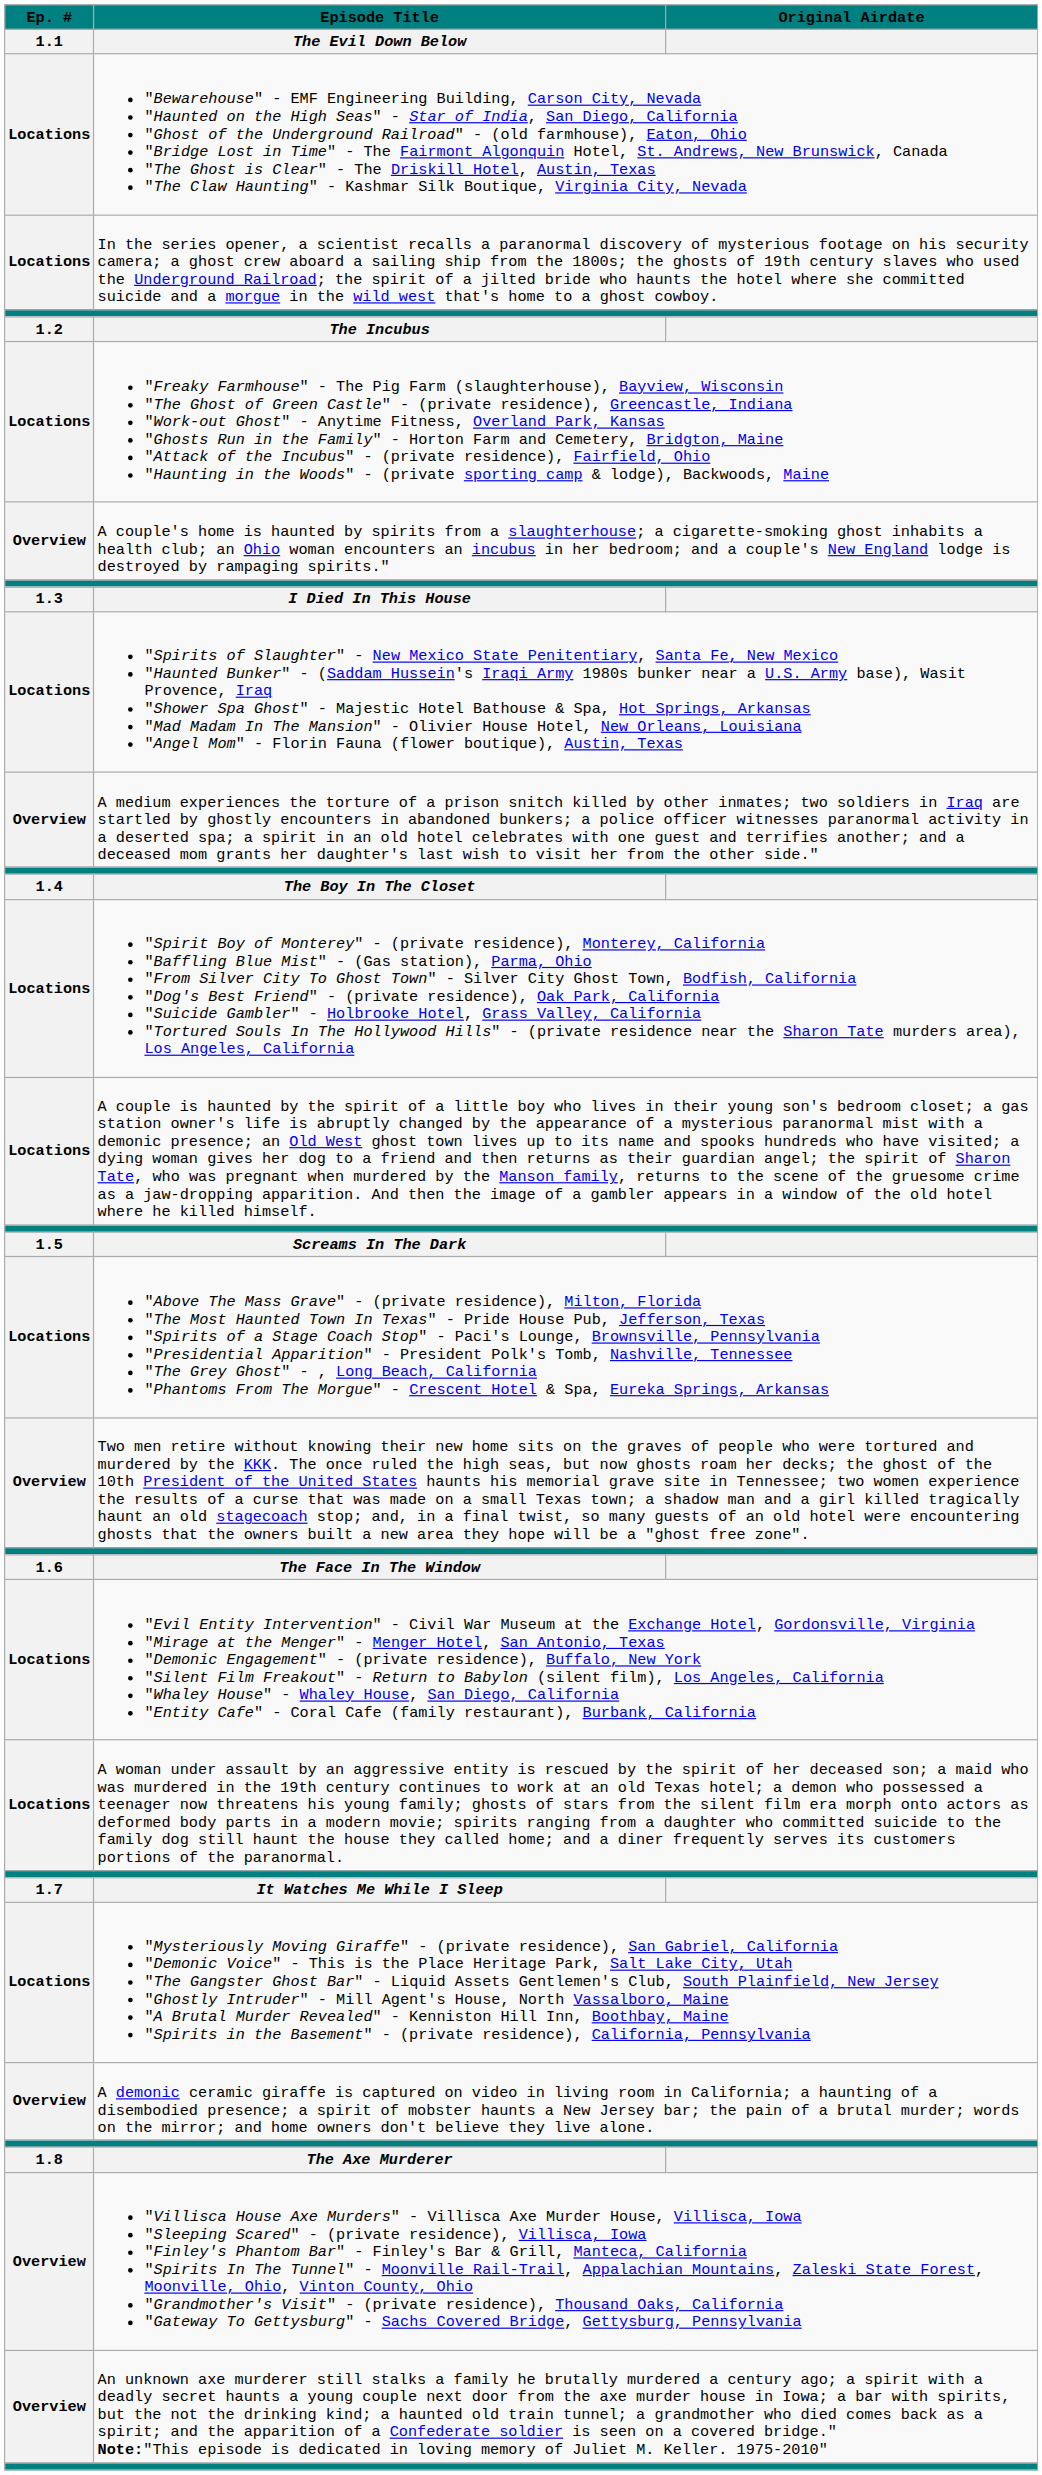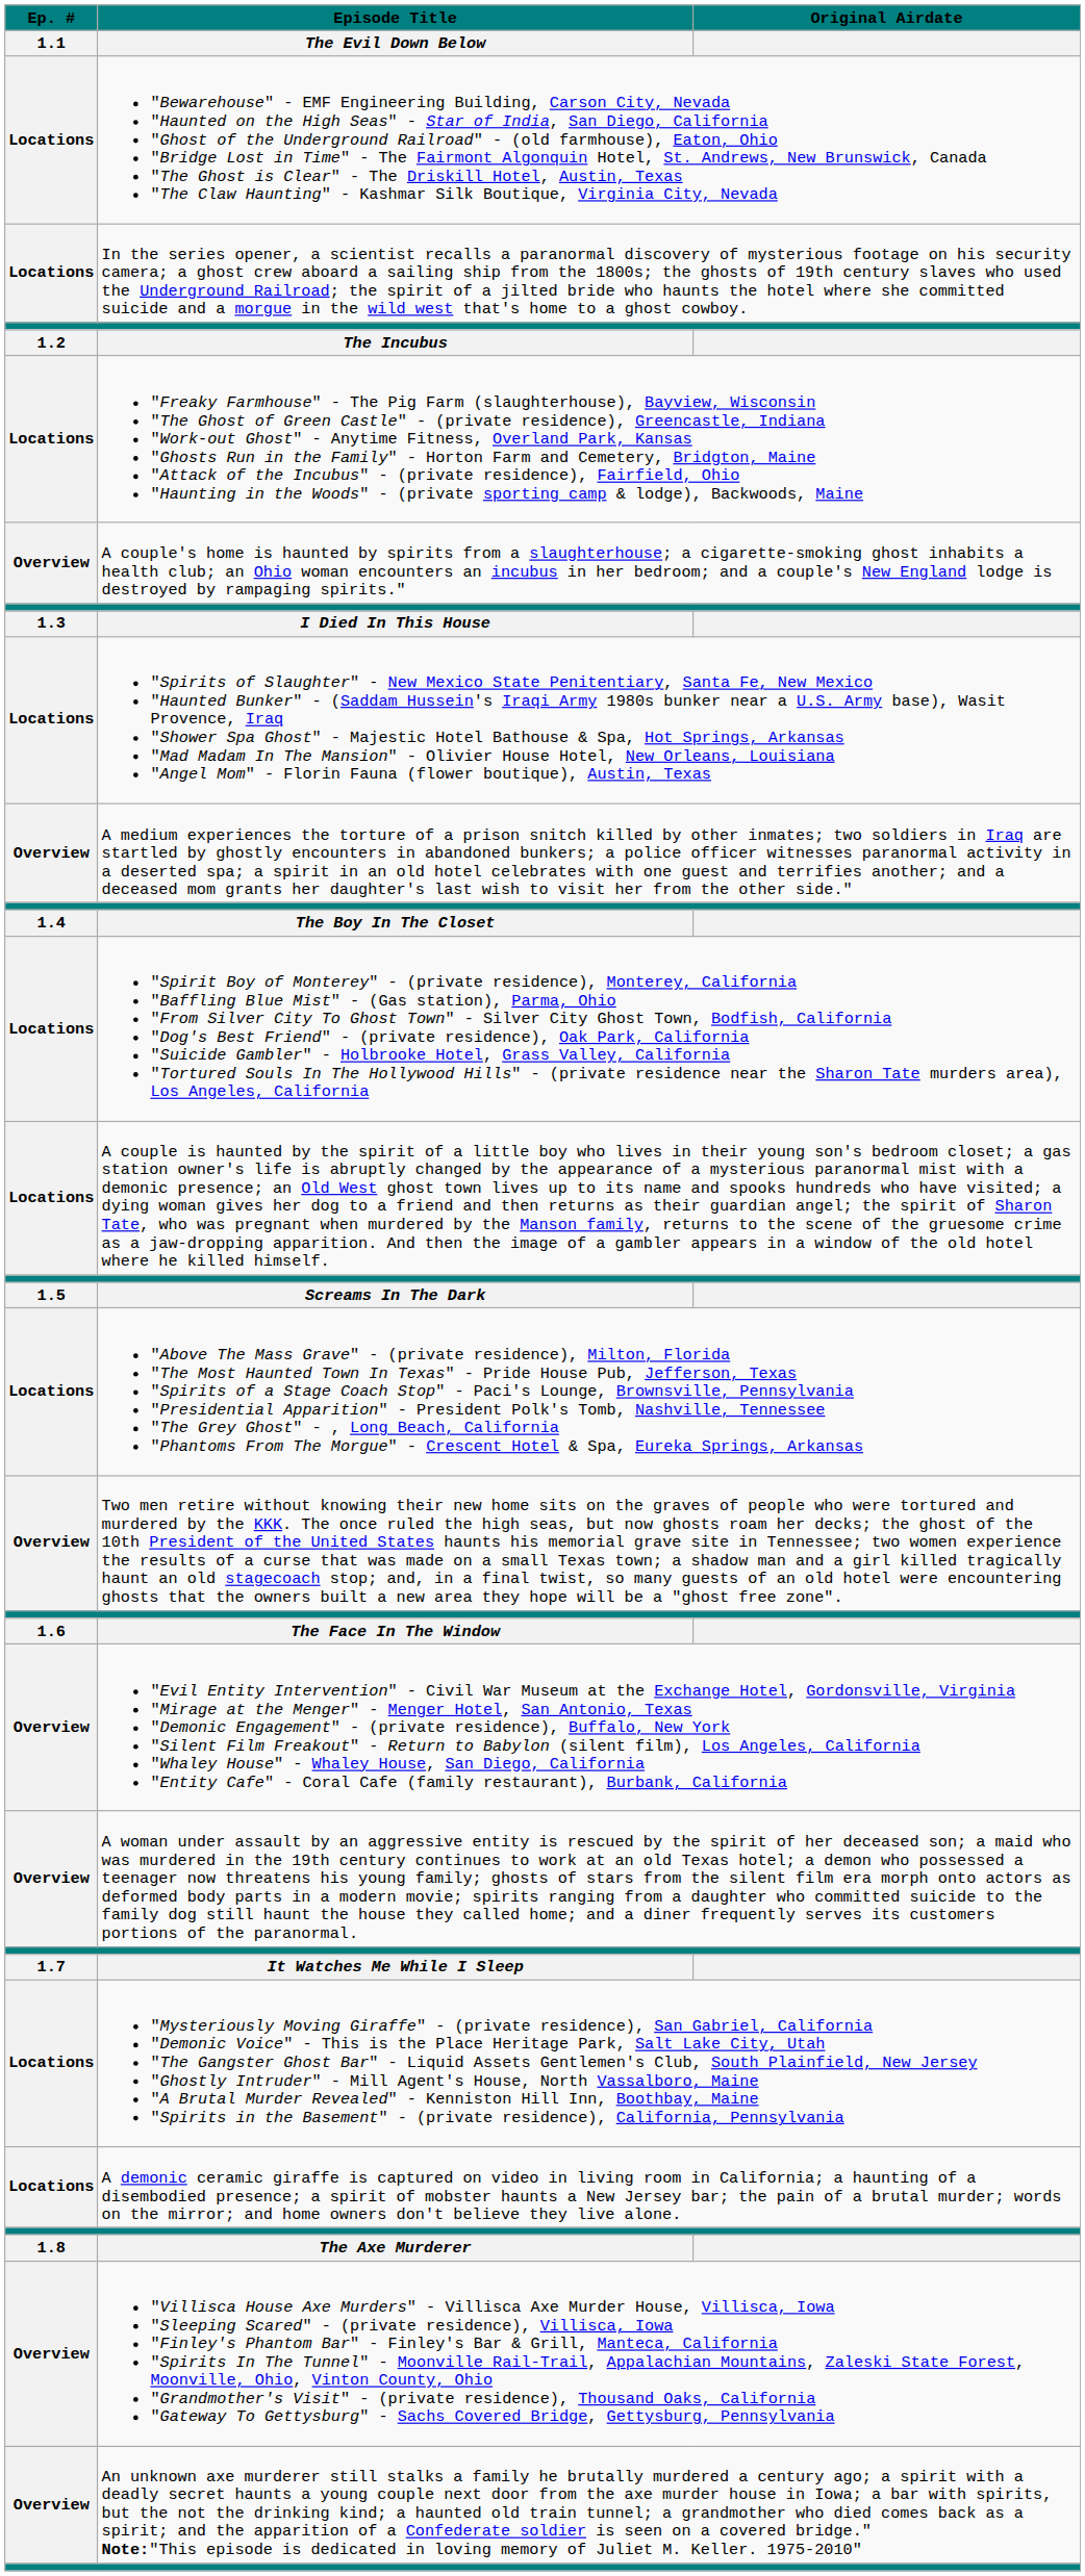 <table class="wikitable" style="width:100%;" style=background:#FFFFFF;">
 <tr>
 <th style="background:teal;"><span>Ep. #</span></th>
 <th style="background:teal;"><span>Episode Title</span></th>
 <th style="background:teal;"><span>Original Airdate</span></th>
 </tr>
 <tr>
 <th>1.1</th>
 <th><em>The Evil Down Below</em></th>
 <th></th>
 </tr>
 <tr>
 <th>Locations</th>
 <td colspan="5"><br><ul><li>"<em>Bewarehouse</em>" - EMF Engineering Building, <a href='#'>Carson City, Nevada</a></li><li>"<em>Haunted on the High Seas</em>" - <em><a href='#'>Star of India</a></em>, <a href='#'>San Diego, California</a></li><li>"<em>Ghost of the Underground Railroad</em>" - (old farmhouse), <a href='#'>Eaton, Ohio</a></li><li>"<em>Bridge Lost in Time</em>" - The <a href='#'>Fairmont Algonquin</a> Hotel, <a href='#'>St. Andrews, New Brunswick</a>, Canada</li><li>"<em>The Ghost is Clear</em>" - The <a href='#'>Driskill Hotel</a>, <a href='#'>Austin, Texas</a></li><li>"<em>The Claw Haunting</em>" - Kashmar Silk Boutique, <a href='#'>Virginia City, Nevada</a></li></ul></td>
 </tr>
 <tr>
 <th>Locations</th>
 <td colspan="3"><br>In the series opener, a scientist recalls a paranormal discovery of mysterious footage on his security camera; a ghost crew aboard a sailing ship from the 1800s; the ghosts of 19th century slaves who used the <a href='#'>Underground Railroad</a>; the spirit of a jilted bride who haunts the hotel where she committed suicide and a <a href='#'>morgue</a> in the <a href='#'>wild west</a> that's home to a ghost cowboy.</td>
 </tr>
 <tr>
 <td colspan="3" style="background:teal;"></td>
 </tr>
 <tr mass>
 <th>1.2</th>
 <th><em>The Incubus</em></th>
 <th></th>
 </tr>
 <tr>
 <th>Locations</th>
 <td colspan="3"><br><ul><li>"<em>Freaky Farmhouse</em>" - The Pig Farm (slaughterhouse), <a href='#'>Bayview, Wisconsin</a></li><li>"<em>The Ghost of Green Castle</em>" - (private residence), <a href='#'>Greencastle, Indiana</a></li><li>"<em>Work-out Ghost</em>" - Anytime Fitness, <a href='#'>Overland Park, Kansas</a></li><li>"<em>Ghosts Run in the Family</em>" - Horton Farm and Cemetery, <a href='#'>Bridgton, Maine</a></li><li>"<em>Attack of the Incubus</em>" - (private residence), <a href='#'>Fairfield, Ohio</a></li><li>"<em>Haunting in the Woods</em>" - (private <a href='#'>sporting camp</a> & lodge), Backwoods, <a href='#'>Maine</a></li></ul></td>
 </tr>
 <tr>
 <th>Overview</th>
 <td colspan="3"><br>A couple's home is haunted by spirits from a <a href='#'>slaughterhouse</a>; a cigarette-smoking ghost inhabits a health club; an <a href='#'>Ohio</a> woman encounters an <a href='#'>incubus</a> in her bedroom; and a couple's <a href='#'>New England</a> lodge is destroyed by rampaging spirits."</td>
 </tr>
 <tr>
 <td colspan="3" style="background:teal;"></td>
 </tr>
 <tr>
 <th>1.3</th>
 <th><em>I Died In This House</em></th>
 <th></th>
 </tr>
 <tr>
 <th>Locations</th>
 <td colspan="3"><br><ul><li>"<em>Spirits of Slaughter</em>" - <a href='#'>New Mexico State Penitentiary</a>, <a href='#'>Santa Fe, New Mexico</a></li><li>"<em>Haunted Bunker</em>" - (<a href='#'>Saddam Hussein</a>'s <a href='#'>Iraqi Army</a> 1980s bunker near a <a href='#'>U.S. Army</a> base), Wasit Provence, <a href='#'>Iraq</a></li><li>"<em>Shower Spa Ghost</em>" - Majestic Hotel Bathouse & Spa, <a href='#'>Hot Springs, Arkansas</a></li><li>"<em>Mad Madam In The Mansion</em>" - Olivier House Hotel, <a href='#'>New Orleans, Louisiana</a></li><li>"<em>Angel Mom</em>" - Florin Fauna (flower boutique), <a href='#'>Austin, Texas</a></li></ul></td>
 </tr>
 <tr>
 <th>Overview</th>
 <td colspan="3"><br>A medium experiences the torture of a prison snitch killed by other inmates; two soldiers in <a href='#'>Iraq</a> are startled by ghostly encounters in abandoned bunkers; a police officer witnesses paranormal activity in a deserted spa; a spirit in an old hotel celebrates with one guest and terrifies another; and a deceased mom grants her daughter's last wish to visit her from the other side."</td>
 </tr>
 <tr>
 <td colspan="3" style="background:teal;"></td>
 </tr>
 <tr>
 <th>1.4</th>
 <th><em>The Boy In The Closet</em></th>
 <th></th>
 </tr>
 <tr>
 <th>Locations</th>
 <td colspan="3"><br><ul><li>"<em>Spirit Boy of Monterey</em>" - (private residence), <a href='#'>Monterey, California</a></li><li>"<em>Baffling Blue Mist</em>" - (Gas station), <a href='#'>Parma, Ohio</a></li><li>"<em>From Silver City To Ghost Town</em>" - Silver City Ghost Town, <a href='#'>Bodfish, California</a></li><li>"<em>Dog's Best Friend</em>" - (private residence), <a href='#'>Oak Park, California</a></li><li>"<em>Suicide Gambler</em>" - <a href='#'>Holbrooke Hotel</a>, <a href='#'>Grass Valley, California</a></li><li>"<em>Tortured Souls In The Hollywood Hills</em>" - (private residence near the <a href='#'>Sharon Tate</a> murders area), <a href='#'>Los Angeles, California</a></li></ul></td>
 </tr>
 <tr>
 <th>Locations</th>
 <td colspan="3"><br>A couple is haunted by the spirit of a little boy who lives in their young son's bedroom closet; a gas station owner's life is abruptly changed by the appearance of a mysterious paranormal mist with a demonic presence; an <a href='#'>Old West</a> ghost town lives up to its name and spooks hundreds who have visited; a dying woman gives her dog to a friend and then returns as their guardian angel; the spirit of <a href='#'>Sharon Tate</a>, who was pregnant when murdered by the <a href='#'>Manson family</a>, returns to the scene of the gruesome crime as a jaw-dropping apparition. And then the image of a gambler appears in a window of the old hotel where he killed himself.</td>
 </tr>
 <tr>
 <td colspan="3" style="background:teal;"></td>
 </tr>
 <tr>
 <th>1.5</th>
 <th><em>Screams In The Dark</em></th>
 <th></th>
 </tr>
 <tr>
 <th>Locations</th>
 <td colspan="3"><br><ul><li>"<em>Above The Mass Grave</em>" - (private residence), <a href='#'>Milton, Florida</a></li><li>"<em>The Most Haunted Town In Texas</em>" - Pride House Pub, <a href='#'>Jefferson, Texas</a></li><li>"<em>Spirits of a Stage Coach Stop</em>" - Paci's Lounge, <a href='#'>Brownsville, Pennsylvania</a></li><li>"<em>Presidential Apparition</em>" - President Polk's Tomb, <a href='#'>Nashville, Tennessee</a></li><li>"<em>The Grey Ghost</em>" - , <a href='#'>Long Beach, California</a></li><li>"<em>Phantoms From The Morgue</em>" - <a href='#'>Crescent Hotel</a> & Spa, <a href='#'>Eureka Springs, Arkansas</a></li></ul></td>
 </tr>
 <tr>
 <th>Overview</th>
 <td colspan="3"><br>Two men retire without knowing their new home sits on the graves of people who were tortured and murdered by the <a href='#'>KKK</a>. The  once ruled the high seas, but now ghosts roam her decks; the ghost of the 10th <a href='#'>President of the United States</a> haunts his memorial grave site in Tennessee; two women experience the results of a curse that was made on a small Texas town; a shadow man and a girl killed tragically haunt an old <a href='#'>stagecoach</a> stop; and, in a final twist, so many guests of an old hotel were encountering ghosts that the owners built a new area they hope will be a "ghost free zone".</td>
 </tr>
 <tr>
 <td colspan="3" style="background:teal;"></td>
 </tr>
 <tr>
 <th>1.6</th>
 <th><em>The Face In The Window</em></th>
 <th></th>
 </tr>
 <tr>
-<th>Locations</th>
+<th>Overview</th>
 <td colspan="3"><br><ul><li>"<em>Evil Entity Intervention</em>" - Civil War Museum at the <a href='#'>Exchange Hotel</a>, <a href='#'>Gordonsville, Virginia</a></li><li>"<em>Mirage at the Menger</em>" - <a href='#'>Menger Hotel</a>, <a href='#'>San Antonio, Texas</a></li><li>"<em>Demonic Engagement</em>" - (private residence), <a href='#'>Buffalo, New York</a></li><li>"<em>Silent Film Freakout</em>" - <em>Return to Babylon</em> (silent film), <a href='#'>Los Angeles, California</a></li><li>"<em>Whaley House</em>" - <a href='#'>Whaley House</a>, <a href='#'>San Diego, California</a></li><li>"<em>Entity Cafe</em>" - Coral Cafe (family restaurant), <a href='#'>Burbank, California</a></li></ul></td>
 </tr>
 <tr>
-<th>Locations</th>
+<th>Overview</th>
 <td colspan="3"><br>A woman under assault by an aggressive entity is rescued by the spirit of her deceased son; a maid who was murdered in the 19th century continues to work at an old Texas hotel; a demon who possessed a teenager now threatens his young family; ghosts of stars from the silent film era morph onto actors as deformed body parts in a modern movie; spirits ranging from a daughter who committed suicide to the family dog still haunt the house they called home; and a diner frequently serves its customers portions of the paranormal.</td>
 </tr>
 <tr>
 <td colspan="3" style="background:teal;"></td>
 </tr>
 <tr>
 <th>1.7</th>
 <th><em>It Watches Me While I Sleep</em></th>
 <th></th>
 </tr>
 <tr>
 <th>Locations</th>
 <td colspan="3"><br><ul><li>"<em>Mysteriously Moving Giraffe</em>" - (private residence), <a href='#'>San Gabriel, California</a></li><li>"<em>Demonic Voice</em>" - This is the Place Heritage Park, <a href='#'>Salt Lake City, Utah</a></li><li>"<em>The Gangster Ghost Bar</em>" - Liquid Assets Gentlemen's Club, <a href='#'>South Plainfield, New Jersey</a></li><li>"<em>Ghostly Intruder</em>" - Mill Agent's House, North <a href='#'>Vassalboro, Maine</a></li><li>"<em>A Brutal Murder Revealed</em>" - Kenniston Hill Inn, <a href='#'>Boothbay, Maine</a></li><li>"<em>Spirits in the Basement</em>" - (private residence), <a href='#'>California, Pennsylvania</a></li></ul></td>
 </tr>
 <tr>
-<th>Overview</th>
+<th>Locations</th>
 <td colspan="3"><br>A <a href='#'>demonic</a> ceramic giraffe is captured on video in living room in California; a haunting of a disembodied presence; a spirit of mobster haunts a New Jersey bar; the pain of a brutal murder; words on the mirror; and home owners don't believe they live alone.</td>
 </tr>
 <tr>
 <td colspan="3" style="background:teal;"></td>
 </tr>
 <tr>
 <th>1.8</th>
 <th><em>The Axe Murderer</em></th>
 <th></th>
 </tr>
 <tr>
 <th>Overview</th>
 <td colspan="3"><br><ul><li>"<em>Villisca House Axe Murders</em>" - Villisca Axe Murder House, <a href='#'>Villisca, Iowa</a></li><li>"<em>Sleeping Scared</em>" - (private residence), <a href='#'>Villisca, Iowa</a></li><li>"<em>Finley's Phantom Bar</em>" - Finley's Bar & Grill, <a href='#'>Manteca, California</a></li><li>"<em>Spirits In The Tunnel</em>" - <a href='#'>Moonville Rail-Trail</a>, <a href='#'>Appalachian Mountains</a>, <a href='#'>Zaleski State Forest</a>, <a href='#'>Moonville, Ohio</a>, <a href='#'>Vinton County, Ohio</a></li><li>"<em>Grandmother's Visit</em>" - (private residence), <a href='#'>Thousand Oaks, California</a></li><li>"<em>Gateway To Gettysburg</em>" - <a href='#'>Sachs Covered Bridge</a>, <a href='#'>Gettysburg, Pennsylvania</a></li></ul></td>
 </tr>
 <tr>
 <th>Overview</th>
 <td colspan="3"><br>An unknown axe murderer still stalks a family he brutally murdered a century ago; a spirit with a deadly secret haunts a young couple next door from the axe murder house in Iowa; a bar with spirits, but the not the drinking kind; a haunted old train tunnel; a grandmother who died comes back as a spirit; and the apparition of a <a href='#'>Confederate soldier</a> is seen on a covered bridge." <br> <strong>Note:</strong>"This episode is dedicated in loving memory of Juliet M. Keller. 1975-2010"</td>
 </tr>
 <tr>
 <td colspan="3" style="background:teal;"></td>
 </tr>
 </table>
